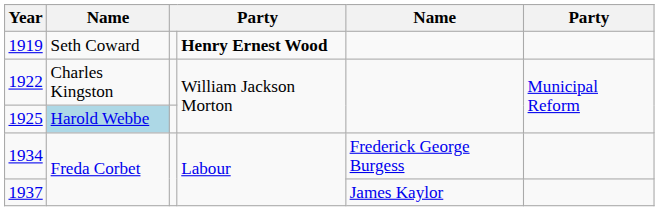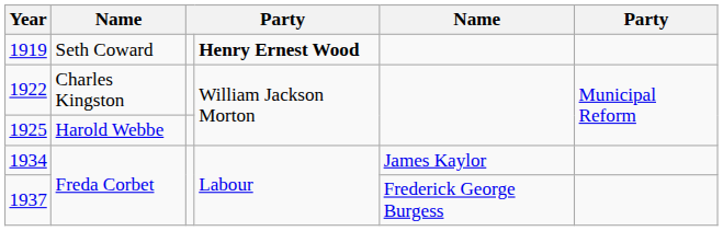 <table class="wikitable">
 <tr>
 <th>Year</th>
 <th>Name</th>
 <th colspan=2>Party</th>
 <th>Name</th>
 <th colspan=2>Party</th>
 </tr>
 <tr>
 <td><a href='#'>1919</a></td>
 <td>Seth Coward</td>
 <td></td>
 <td><strong>Henry Ernest Wood</strong></td>
 <td></td>
 </tr>
 <tr>
 <td><a href='#'>1922</a></td>
 <td>Charles Kingston</td>
 <td></td>
 <td rowspan=2>William Jackson Morton</td>
 <td rowspan=2 style="background-color: "></td>
 <td rowspan=2><a href='#'>Municipal Reform</a></td>
 </tr>
 <tr>
 <td><a href='#'>1925</a></td>
-<td style="background: lightblue;"><a href='#'>Harold Webbe</a></td>
+<td><a href='#'>Harold Webbe</a></td>
 <td></td>
 </tr>
 <tr>
 <td><a href='#'>1934</a></td>
 <td rowspan=2><a href='#'>Freda Corbet</a></td>
 <td rowspan=2 style="background-color: "></td>
 <td rowspan=2><a href='#'>Labour</a></td>
-<td><a href='#'>Frederick George Burgess</a></td>
+<td><a href='#'>James Kaylor</a></td>
 <td></td>
 </tr>
 <tr>
 <td><a href='#'>1937</a></td>
-<td><a href='#'>James Kaylor</a></td>
+<td><a href='#'>Frederick George Burgess</a></td>
 <td></td>
 </tr>
 </table>
